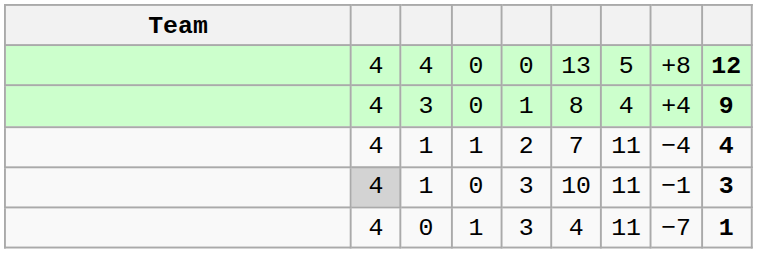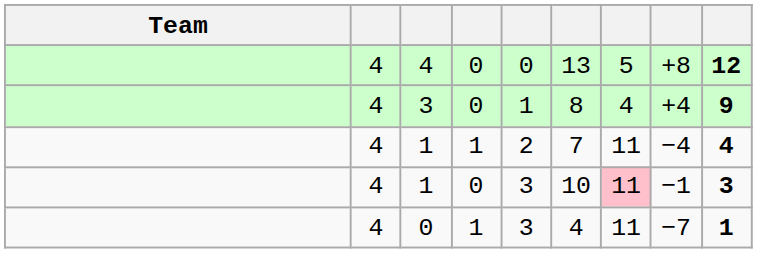 <table class="wikitable" style="text-align:center">
 <tr>
 <th width="175">Team</th>
 <th width="20"></th>
 <th width="20"></th>
 <th width="20"></th>
 <th width="20"></th>
 <th width="20"></th>
 <th width="20"></th>
 <th width="20"></th>
 <th width="20"></th>
 </tr>
 <tr bgcolor=ccffcc>
 <td align=left></td>
 <td>4</td>
 <td>4</td>
 <td>0</td>
 <td>0</td>
 <td>13</td>
 <td>5</td>
 <td>+8</td>
 <td><strong>12</strong></td>
 </tr>
 <tr bgcolor=ccffcc>
 <td align=left></td>
 <td>4</td>
 <td>3</td>
 <td>0</td>
 <td>1</td>
 <td>8</td>
 <td>4</td>
 <td>+4</td>
 <td><strong>9</strong></td>
 </tr>
 <tr>
 <td align=left></td>
 <td>4</td>
 <td>1</td>
 <td>1</td>
 <td>2</td>
 <td>7</td>
 <td>11</td>
 <td>−4</td>
 <td><strong>4</strong></td>
 </tr>
 <tr>
 <td align=left></td>
-<td style="background: lightgrey;">4</td>
+<td>4</td>
 <td>1</td>
 <td>0</td>
 <td>3</td>
 <td>10</td>
-<td>11</td>
+<td style="background: pink;">11</td>
 <td>−1</td>
 <td><strong>3</strong></td>
 </tr>
 <tr>
 <td align=left></td>
 <td>4</td>
 <td>0</td>
 <td>1</td>
 <td>3</td>
 <td>4</td>
 <td>11</td>
 <td>−7</td>
 <td><strong>1</strong></td>
 </tr>
 </table>
